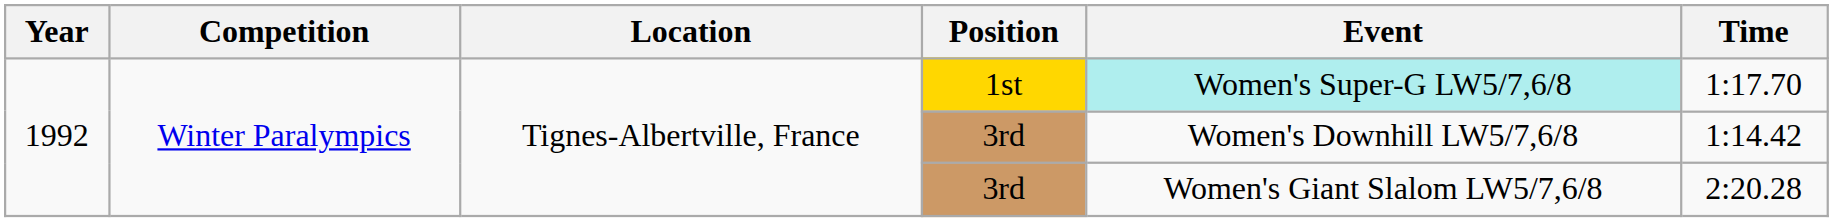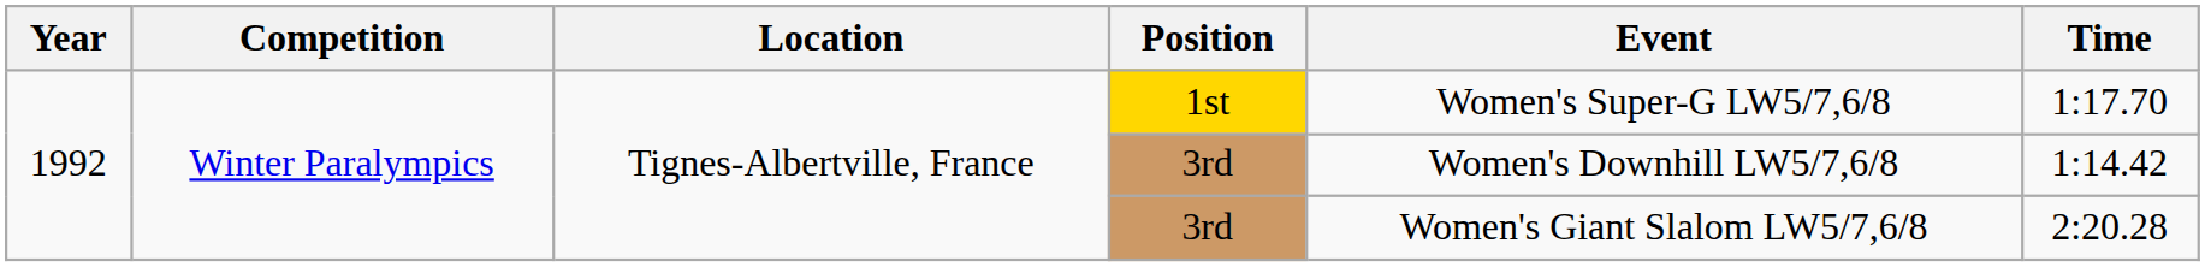 <table class="wikitable" width=65% style="font-size:90%; text-align:center;">
 <tr>
 <th>Year</th>
 <th>Competition</th>
 <th>Location</th>
 <th>Position</th>
 <th>Event</th>
 <th>Time</th>
 </tr>
 <tr>
 <td rowspan=3>1992</td>
 <td rowspan=3><a href='#'>Winter Paralympics</a></td>
 <td rowspan=3>Tignes-Albertville, France</td>
 <td bgcolor=gold>1st</td>
-<td style="background: paleturquoise;">Women's Super-G LW5/7,6/8</td>
+<td>Women's Super-G LW5/7,6/8</td>
 <td>1:17.70</td>
 </tr>
 <tr>
 <td bgcolor=cc9966>3rd</td>
 <td>Women's Downhill LW5/7,6/8</td>
 <td>1:14.42</td>
 </tr>
 <tr>
 <td bgcolor=cc9966>3rd</td>
 <td>Women's Giant Slalom LW5/7,6/8</td>
 <td>2:20.28</td>
 </tr>
 </table>
